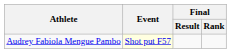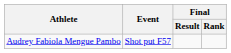 <table class="wikitable" style="font-size:90%; text-align:center">
 <tr>
 <th rowspan="2">Athlete</th>
 <th rowspan="2">Event</th>
 <th colspan="2">Final</th>
 </tr>
 <tr>
 <th>Result</th>
 <th>Rank</th>
 </tr>
 <tr>
 <td align="left"><a href='#'>Audrey Fabiola Mengue Pambo</a></td>
-<td align="left" style="background: lightyellow;"><a href='#'>Shot put F57</a></td>
+<td align="left"><a href='#'>Shot put F57</a></td>
 <td></td>
 <td></td>
 </tr>
 </table>
